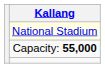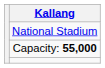 <table class="wikitable" style="text-align:center">
 <tr>
 <th rowspan=4></th>
 <th><a href='#'>Kallang</a></th>
 </tr>
 <tr>
-<td style="background: lightyellow;"><a href='#'>National Stadium</a></td>
+<td><a href='#'>National Stadium</a></td>
 </tr>
 <tr>
 <td>Capacity: <strong>55,000</strong></td>
 </tr>
 <tr>
 <td></td>
 </tr>
 </table>
